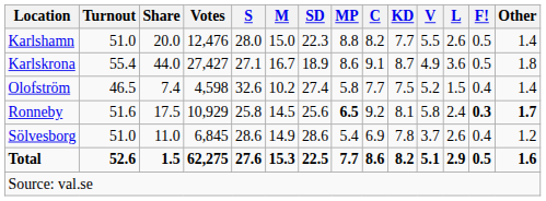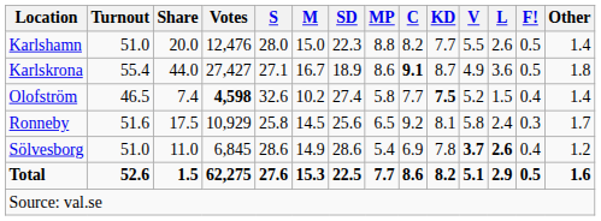 <table class="wikitable sortable" style=text-align:right>
 <tr>
 <th>Location</th>
 <th>Turnout</th>
 <th>Share</th>
 <th>Votes</th>
 <th><a href='#'>S</a></th>
 <th><a href='#'>M</a></th>
 <th><a href='#'>SD</a></th>
 <th><a href='#'>MP</a></th>
 <th><a href='#'>C</a></th>
 <th><a href='#'>KD</a></th>
 <th><a href='#'>V</a></th>
 <th><a href='#'>L</a></th>
 <th><a href='#'>F!</a></th>
 <th>Other</th>
 </tr>
 <tr>
 <td align=left><a href='#'>Karlshamn</a></td>
 <td>51.0</td>
 <td>20.0</td>
 <td>12,476</td>
 <td>28.0</td>
 <td>15.0</td>
 <td>22.3</td>
 <td>8.8</td>
 <td>8.2</td>
 <td>7.7</td>
 <td>5.5</td>
 <td>2.6</td>
 <td>0.5</td>
 <td>1.4</td>
 </tr>
 <tr>
 <td align=left><a href='#'>Karlskrona</a></td>
 <td>55.4</td>
 <td>44.0</td>
 <td>27,427</td>
 <td>27.1</td>
 <td>16.7</td>
 <td>18.9</td>
 <td>8.6</td>
-<td>9.1</td>
+<td><strong>9.1</strong></td>
 <td>8.7</td>
 <td>4.9</td>
 <td>3.6</td>
 <td>0.5</td>
 <td>1.8</td>
 </tr>
 <tr>
 <td align=left><a href='#'>Olofström</a></td>
 <td>46.5</td>
 <td>7.4</td>
-<td>4,598</td>
+<td><strong>4,598</strong></td>
 <td>32.6</td>
 <td>10.2</td>
 <td>27.4</td>
 <td>5.8</td>
 <td>7.7</td>
-<td>7.5</td>
+<td><strong>7.5</strong></td>
 <td>5.2</td>
 <td>1.5</td>
 <td>0.4</td>
 <td>1.4</td>
 </tr>
 <tr>
 <td align=left><a href='#'>Ronneby</a></td>
 <td>51.6</td>
 <td>17.5</td>
 <td>10,929</td>
 <td>25.8</td>
 <td>14.5</td>
 <td>25.6</td>
-<td><strong>6.5</strong></td>
+<td>6.5</td>
 <td>9.2</td>
 <td>8.1</td>
 <td>5.8</td>
 <td>2.4</td>
-<td><strong>0.3</strong></td>
-<td><strong>1.7</strong></td>
+<td>0.3</td>
+<td>1.7</td>
 </tr>
 <tr>
 <td align=left><a href='#'>Sölvesborg</a></td>
 <td>51.0</td>
 <td>11.0</td>
 <td>6,845</td>
 <td>28.6</td>
 <td>14.9</td>
 <td>28.6</td>
 <td>5.4</td>
 <td>6.9</td>
 <td>7.8</td>
-<td>3.7</td>
-<td>2.6</td>
+<td><strong>3.7</strong></td>
+<td><strong>2.6</strong></td>
 <td>0.4</td>
 <td>1.2</td>
 </tr>
 <tr>
 <td align=left><strong>Total</strong></td>
 <td><strong>52.6</strong></td>
 <td><strong>1.5</strong></td>
 <td><strong>62,275</strong></td>
 <td><strong>27.6</strong></td>
 <td><strong>15.3</strong></td>
 <td><strong>22.5</strong></td>
 <td><strong>7.7</strong></td>
 <td><strong>8.6</strong></td>
 <td><strong>8.2</strong></td>
 <td><strong>5.1</strong></td>
 <td><strong>2.9</strong></td>
 <td><strong>0.5</strong></td>
 <td><strong>1.6</strong></td>
 </tr>
 <tr>
 <td align=left colspan=14>Source: val.se </td>
 </tr>
 </table>
